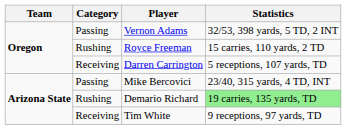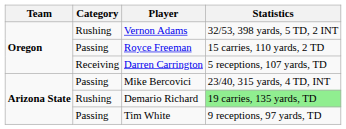 <table class="wikitable" style="float: right;">
 <tr>
 <th>Team</th>
 <th>Category</th>
 <th>Player</th>
 <th>Statistics</th>
 </tr>
 <tr>
 <td rowspan=3><strong>Oregon</strong></td>
-<td>Passing</td>
+<td>Rushing</td>
 <td><a href='#'>Vernon Adams</a></td>
 <td>32/53, 398 yards, 5 TD, 2 INT</td>
 </tr>
 <tr>
-<td>Rushing</td>
+<td>Passing</td>
 <td><a href='#'>Royce Freeman</a></td>
 <td>15 carries, 110 yards, 2 TD</td>
 </tr>
 <tr>
 <td>Receiving</td>
 <td><a href='#'>Darren Carrington</a></td>
 <td>5 receptions, 107 yards, TD</td>
 </tr>
 <tr>
 <td rowspan=3><strong>Arizona State</strong></td>
 <td>Passing</td>
 <td>Mike Bercovici</td>
 <td>23/40, 315 yards, 4 TD, INT</td>
 </tr>
 <tr>
 <td>Rushing</td>
 <td>Demario Richard</td>
 <td style="background: lightgreen;">19 carries, 135 yards, TD</td>
 </tr>
 <tr>
-<td>Receiving</td>
+<td>Passing</td>
 <td>Tim White</td>
 <td>9 receptions, 97 yards, TD</td>
 </tr>
 </table>
